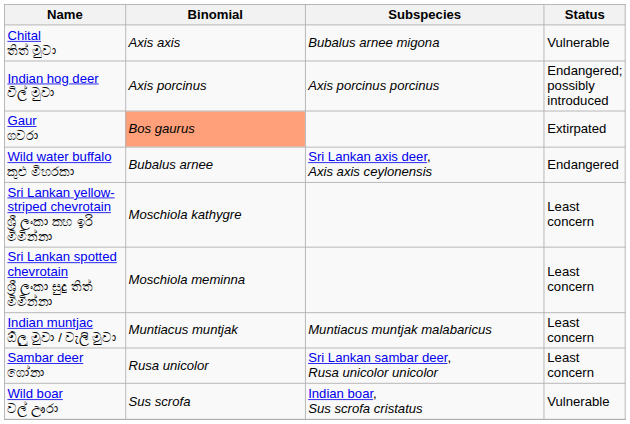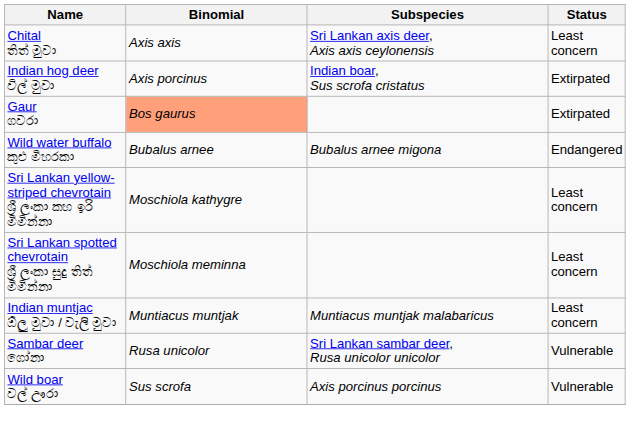 <table width=60% class="wikitable">
 <tr>
 <th width=20%>Name</th>
 <th width=30%>Binomial</th>
 <th width=40%>Subspecies</th>
 <th width=20%>Status</th>
 </tr>
 <tr>
 <td><a href='#'>Chital</a><br>තිත් මුවා<br></td>
 <td><em>Axis axis</em></td>
-<td><em>Bubalus arnee migona</em></td>
-<td>Vulnerable</td>
+<td><a href='#'>Sri Lankan axis deer</a>,<br><em>Axis axis ceylonensis</em></td>
+<td>Least concern</td>
 </tr>
 <tr>
 <td><a href='#'>Indian hog deer</a><br>විල් මුවා<br></td>
 <td><em>Axis porcinus</em></td>
-<td><em>Axis porcinus porcinus</em></td>
-<td>Endangered; possibly introduced</td>
+<td><a href='#'>Indian boar</a>,<br><em>Sus scrofa cristatus</em></td>
+<td>Extirpated</td>
 </tr>
 <tr>
 <td><a href='#'>Gaur</a><br>ගවරා<br></td>
 <td style="background: lightsalmon;"><em>Bos gaurus</em></td>
 <td></td>
 <td>Extirpated</td>
 </tr>
 <tr>
 <td><a href='#'>Wild water buffalo</a><br>කුළු මීහරකා<br></td>
 <td><em>Bubalus arnee</em></td>
-<td><a href='#'>Sri Lankan axis deer</a>,<br><em>Axis axis ceylonensis</em></td>
+<td><em>Bubalus arnee migona</em></td>
 <td>Endangered</td>
 </tr>
 <tr>
 <td><a href='#'>Sri Lankan yellow-striped chevrotain</a><br>ශ්‍රී ලංකා කහ ඉරි මීමින්නා</td>
 <td><em>Moschiola kathygre</em></td>
 <td></td>
 <td>Least concern</td>
 </tr>
 <tr>
 <td><a href='#'>Sri Lankan spotted chevrotain</a><br>ශ්‍රී ලංකා සුදු තිත් මීමින්නා<br></td>
 <td><em>Moschiola meminna</em></td>
 <td></td>
 <td>Least concern</td>
 </tr>
 <tr>
 <td><a href='#'>Indian muntjac</a><br>ඕලු මුවා / වැලි මුවා<br></td>
 <td><em>Muntiacus muntjak</em></td>
 <td><em>Muntiacus muntjak malabaricus</em></td>
 <td>Least concern</td>
 </tr>
 <tr>
 <td><a href='#'>Sambar deer</a><br>ගෝනා<br></td>
 <td><em>Rusa unicolor</em></td>
 <td><a href='#'>Sri Lankan sambar deer</a>,<br><em>Rusa unicolor unicolor</em></td>
-<td>Least concern</td>
+<td>Vulnerable</td>
 </tr>
 <tr>
 <td><a href='#'>Wild boar</a><br>වල් ඌරා<br></td>
 <td><em>Sus scrofa</em></td>
-<td><a href='#'>Indian boar</a>,<br><em>Sus scrofa cristatus</em></td>
+<td><em>Axis porcinus porcinus</em></td>
 <td>Vulnerable</td>
 </tr>
 <tr>
 </tr>
 </table>
